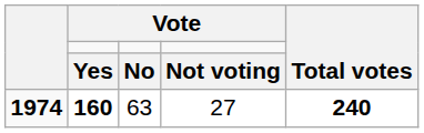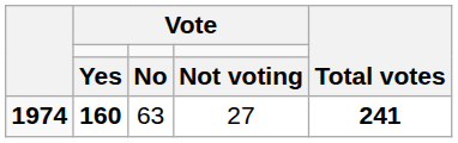 <table class=wikitable style="text-align:center">
 <tr style="vertical-align:bottom;">
 <th rowspan=3></th>
 <th colspan=3>Vote</th>
 <th rowspan=3>Total votes</th>
 </tr>
 <tr style="height:5px">
 <td style="background-color:"></td>
 <td style="background-color:"></td>
 <td style="background-color:"></td>
 </tr>
 <tr style="vertical-align:bottom;">
 <th>Yes</th>
 <th>No</th>
 <th>Not voting</th>
 </tr>
 <tr>
 <td><strong>1974</strong></td>
 <td style="background:#fff;"><strong>160</strong></td>
 <td style="background:#fff;">63</td>
 <td style="background:#fff;">27</td>
-<td style="background:#fff;"><strong>240</strong></td>
+<td style="background:#fff;"><strong>241</strong></td>
 </tr>
 </table>
